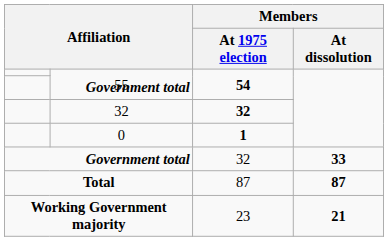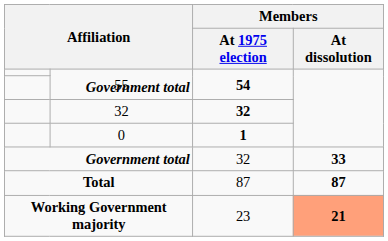 <table class="wikitable" border="1" style="font-size:95%; width:300pt; text-align:center">
 <tr>
 <th colspan="2" rowspan="2" style="text-align:center;vertical-align:middle; ">Affiliation</th>
 <th colspan="2" style="vertical-align:top;">Members</th>
 </tr>
 <tr>
 <th>At <a href='#'>1975 election</a></th>
 <th>At dissolution</th>
 </tr>
 <tr>
 <td></td>
 <td rowspan="2">55</td>
 <td rowspan="2"><strong>54</strong></td>
 </tr>
 <tr>
 <td colspan="2" rowspan="1" style="text-align:right; "><strong><em>Government total</em></strong></td>
 </tr>
 <tr>
 <td></td>
 <td>32</td>
 <td><strong>32</strong></td>
 </tr>
 <tr>
 <td></td>
 <td>0</td>
 <td><strong>1</strong></td>
 </tr>
 <tr>
 <td colspan="2" rowspan="1" style="text-align:right; "><strong><em>Government total</em></strong></td>
 <td>32</td>
 <td><strong>33</strong></td>
 </tr>
 <tr>
 <td colspan="2" rowspan="1"><strong>Total</strong><br></td>
 <td>87</td>
 <td><strong>87</strong></td>
 </tr>
 <tr>
 <td colspan="2" rowspan="1"><strong>Working Government majority</strong></td>
 <td>23</td>
-<td><strong>21</strong></td>
+<td style="background: lightsalmon;"><strong>21</strong></td>
 </tr>
 </table>
